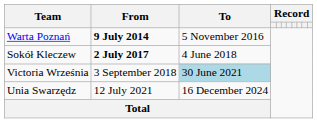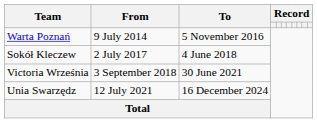 <table class="wikitable" style="text-align: center;">
 <tr>
 <th rowspan="2">Team</th>
 <th rowspan="2">From</th>
 <th rowspan="2">To</th>
 <th colspan="8">Record</th>
 </tr>
 <tr>
 <th></th>
 <th></th>
 <th></th>
 <th></th>
 <th></th>
 <th></th>
 <th></th>
 <th></th>
 </tr>
 <tr>
 <td align=left><a href='#'>Warta Poznań</a></td>
-<td align=left><strong>9 July 2014</strong></td>
+<td align=left>9 July 2014</td>
 <td align=left>5 November 2016<br></td>
 </tr>
 <tr>
 <td align=left>Sokół Kleczew</td>
-<td align=left><strong>2 July 2017</strong></td>
+<td align=left>2 July 2017</td>
 <td align=left>4 June 2018<br></td>
 </tr>
 <tr>
 <td align=left>Victoria Września</td>
 <td align=left>3 September 2018</td>
-<td align=left style="background: lightblue;">30 June 2021<br></td>
+<td align=left>30 June 2021<br></td>
 </tr>
 <tr>
 <td align=left>Unia Swarzędz</td>
 <td align=left>12 July 2021</td>
 <td align=left>16 December 2024<br></td>
 </tr>
 <tr>
 <th colspan="3">Total<br></th>
 </tr>
 </table>
